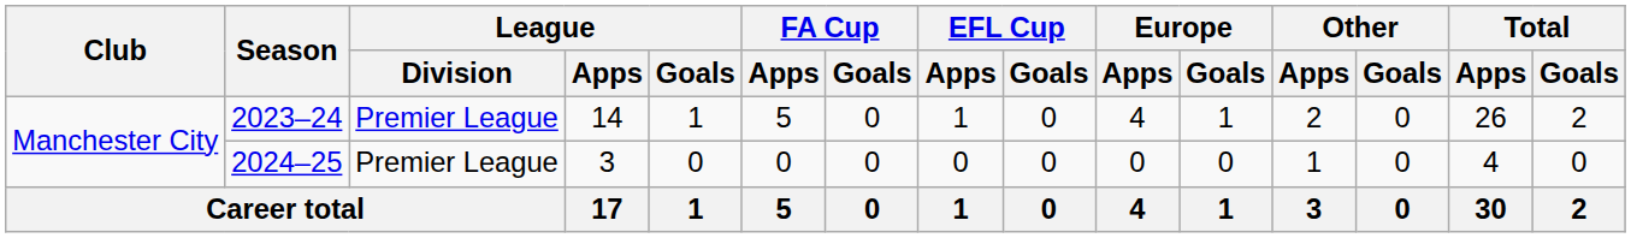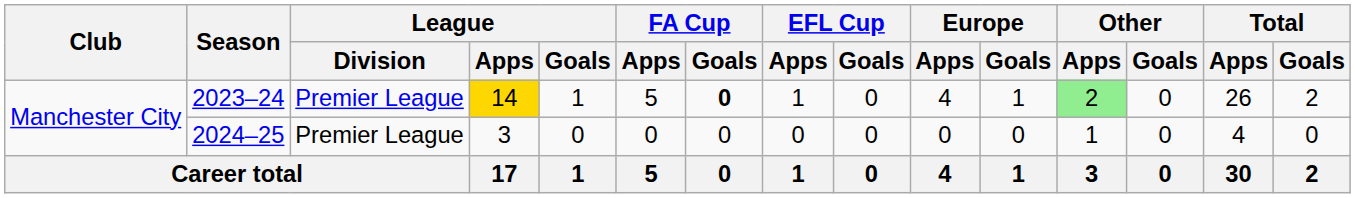 <table class="wikitable" style="text-align: center">
 <tr>
 <th rowspan="2">Club</th>
 <th rowspan="2">Season</th>
 <th colspan="3">League</th>
 <th colspan="2"><a href='#'>FA Cup</a></th>
 <th colspan="2"><a href='#'>EFL Cup</a></th>
 <th colspan="2">Europe</th>
 <th colspan="2">Other</th>
 <th colspan="2">Total</th>
 </tr>
 <tr>
 <th>Division</th>
 <th>Apps</th>
 <th>Goals</th>
 <th>Apps</th>
 <th>Goals</th>
 <th>Apps</th>
 <th>Goals</th>
 <th>Apps</th>
 <th>Goals</th>
 <th>Apps</th>
 <th>Goals</th>
 <th>Apps</th>
 <th>Goals</th>
 </tr>
 <tr>
 <td rowspan="2"><a href='#'>Manchester City</a></td>
 <td><a href='#'>2023–24</a></td>
 <td><a href='#'>Premier League</a></td>
-<td>14</td>
+<td style="background: gold;">14</td>
 <td>1</td>
 <td>5</td>
-<td>0</td>
+<td><strong>0</strong></td>
 <td>1</td>
 <td>0</td>
 <td>4</td>
 <td>1</td>
-<td>2</td>
+<td style="background: lightgreen;">2</td>
 <td>0</td>
 <td>26</td>
 <td>2</td>
 </tr>
 <tr>
 <td><a href='#'>2024–25</a></td>
 <td>Premier League</td>
 <td>3</td>
 <td>0</td>
 <td>0</td>
 <td>0</td>
 <td>0</td>
 <td>0</td>
 <td>0</td>
 <td>0</td>
 <td>1</td>
 <td>0</td>
 <td>4</td>
 <td>0</td>
 </tr>
 <tr>
 <th colspan="3">Career total</th>
 <th>17</th>
 <th>1</th>
 <th>5</th>
 <th>0</th>
 <th>1</th>
 <th>0</th>
 <th>4</th>
 <th>1</th>
 <th>3</th>
 <th>0</th>
 <th>30</th>
 <th>2</th>
 </tr>
 </table>
